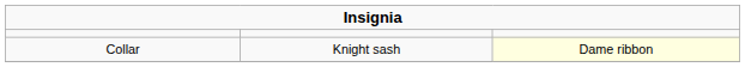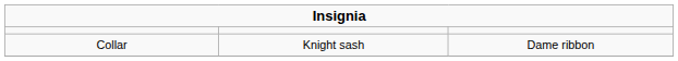 <table align=center class=wikitable width=60%>
 <tr>
 <td colspan=7 align="center"><strong>Insignia</strong></td>
 </tr>
 <tr>
 <td width=33,33% valign=top align=center></td>
 <td width=33,33% valign=top align=center></td>
 <td width=33,33% valign=top align=center></td>
 </tr>
 <tr>
 <td width=33,33% valign=top align=center><small>Collar</small></td>
 <td width=33,33% valign=top align=center><small>Knight sash</small></td>
-<td width=33,33% valign=top align=center style="background: lightyellow;"><small>Dame ribbon</small></td>
+<td width=33,33% valign=top align=center><small>Dame ribbon</small></td>
 </tr>
 <tr>
 </tr>
 </table>
